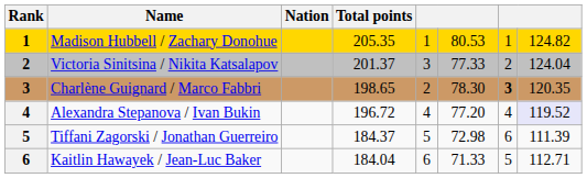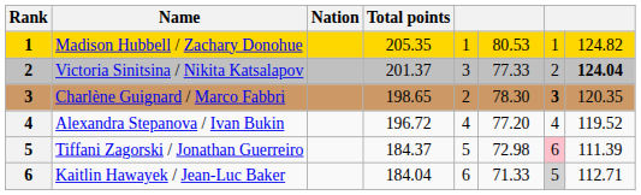 <table class="wikitable sortable">
 <tr>
 <th>Rank</th>
 <th>Name</th>
 <th>Nation</th>
 <th>Total points</th>
 <th colspan="2" width="80px"></th>
 <th colspan="2" width="80px"></th>
 </tr>
 <tr bgcolor="gold">
 <td align="center"><strong>1</strong></td>
 <td><a href='#'>Madison Hubbell</a> / <a href='#'>Zachary Donohue</a></td>
 <td></td>
 <td align="center">205.35</td>
 <td align="center">1</td>
 <td align="center">80.53</td>
 <td align="center">1</td>
 <td align="center">124.82</td>
 </tr>
 <tr bgcolor="silver">
 <td align="center"><strong>2</strong></td>
 <td><a href='#'>Victoria Sinitsina</a> / <a href='#'>Nikita Katsalapov</a></td>
 <td></td>
 <td align="center">201.37</td>
 <td align="center">3</td>
 <td align="center">77.33</td>
 <td align="center">2</td>
-<td align="center">124.04</td>
+<td align="center"><strong>124.04</strong></td>
 </tr>
 <tr bgcolor="cc9966">
 <td align="center"><strong>3</strong></td>
 <td><a href='#'>Charlène Guignard</a> / <a href='#'>Marco Fabbri</a></td>
 <td></td>
 <td align="center">198.65</td>
 <td align="center">2</td>
 <td align="center">78.30</td>
 <td align="center"><strong>3</strong></td>
 <td align="center">120.35</td>
 </tr>
 <tr>
 <th>4</th>
 <td><a href='#'>Alexandra Stepanova</a> / <a href='#'>Ivan Bukin</a></td>
 <td></td>
 <td align="center">196.72</td>
 <td align="center">4</td>
 <td align="center">77.20</td>
 <td align="center">4</td>
-<td align="center" style="background: lavender;">119.52</td>
+<td align="center">119.52</td>
 </tr>
 <tr>
 <th>5</th>
 <td><a href='#'>Tiffani Zagorski</a> / <a href='#'>Jonathan Guerreiro</a></td>
 <td></td>
 <td align="center">184.37</td>
 <td align="center">5</td>
 <td align="center">72.98</td>
-<td align="center">6</td>
+<td align="center" style="background: pink;">6</td>
 <td align="center">111.39</td>
 </tr>
 <tr>
 <th>6</th>
 <td><a href='#'>Kaitlin Hawayek</a> / <a href='#'>Jean-Luc Baker</a></td>
 <td></td>
 <td align="center">184.04</td>
 <td align="center">6</td>
 <td align="center">71.33</td>
-<td align="center">5</td>
+<td align="center" style="background: lightgrey;">5</td>
 <td align="center">112.71</td>
 </tr>
 </table>
